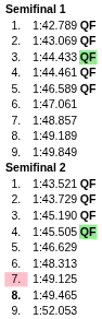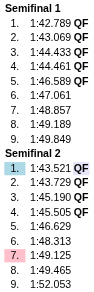 <table style="text-align:center">
 <tr>
 <td colspan=4 align=left><strong>Semifinal 1</strong></td>
 </tr>
 <tr>
 <td width=30>1.</td>
 <td align=left></td>
 <td width=60>1:42.789</td>
 <td><strong>QF</strong></td>
 </tr>
 <tr>
 <td>2.</td>
 <td align=left></td>
 <td>1:43.069</td>
 <td><strong>QF</strong></td>
 </tr>
 <tr>
 <td>3.</td>
 <td align=left></td>
 <td>1:44.433</td>
-<td style="background: lightgreen;"><strong>QF</strong></td>
+<td><strong>QF</strong></td>
 </tr>
 <tr>
 <td>4.</td>
 <td align=left></td>
 <td>1:44.461</td>
 <td><strong>QF</strong></td>
 </tr>
 <tr>
 <td>5.</td>
 <td align=left></td>
 <td>1:46.589</td>
 <td><strong>QF</strong></td>
 </tr>
 <tr>
 <td>6.</td>
 <td align=left></td>
 <td>1:47.061</td>
 <td></td>
 </tr>
 <tr>
 <td>7.</td>
 <td align=left></td>
 <td>1:48.857</td>
 <td></td>
 </tr>
 <tr>
 <td>8.</td>
 <td align=left></td>
 <td>1:49.189</td>
 <td></td>
 </tr>
 <tr>
 <td>9.</td>
 <td align=left></td>
 <td>1:49.849</td>
 <td></td>
 </tr>
 <tr>
 <td colspan=4 align=left><strong>Semifinal 2</strong></td>
 </tr>
 <tr>
-<td width=30>1.</td>
+<td width=30 style="background: lightblue;">1.</td>
 <td align=left></td>
 <td width=60>1:43.521</td>
-<td><strong>QF</strong></td>
+<td style="background: lavender;"><strong>QF</strong></td>
 </tr>
 <tr>
 <td>2.</td>
 <td align=left></td>
 <td>1:43.729</td>
 <td><strong>QF</strong></td>
 </tr>
 <tr>
 <td>3.</td>
 <td align=left></td>
 <td>1:45.190</td>
 <td><strong>QF</strong></td>
 </tr>
 <tr>
 <td>4.</td>
 <td align=left></td>
 <td>1:45.505</td>
-<td style="background: lightgreen;"><strong>QF</strong></td>
+<td><strong>QF</strong></td>
 </tr>
 <tr>
 <td>5.</td>
 <td align=left></td>
 <td>1:46.629</td>
 <td></td>
 </tr>
 <tr>
 <td>6.</td>
 <td align=left></td>
 <td>1:48.313</td>
 <td></td>
 </tr>
 <tr>
 <td style="background: pink;">7.</td>
 <td align=left></td>
 <td>1:49.125</td>
 <td></td>
 </tr>
 <tr>
-<td><strong>8.</strong></td>
+<td>8.</td>
 <td align=left></td>
 <td>1:49.465</td>
 <td></td>
 </tr>
 <tr>
 <td>9.</td>
 <td align=left></td>
 <td>1:52.053</td>
 <td></td>
 </tr>
 </table>
